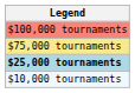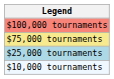 <table class=wikitable style=font-size:85%>
 <tr>
 <th>Legend</th>
 </tr>
 <tr style=background:#f88379>
 <td>$100,000 tournaments</td>
 </tr>
 <tr style=background:#f7e98e>
 <td>$75,000 tournaments</td>
 </tr>
 <tr style=background:lightblue>
-<td><strong>$25,000 tournaments</strong></td>
+<td>$25,000 tournaments</td>
 </tr>
 <tr style=background:#f0f8ff>
 <td>$10,000 tournaments</td>
 </tr>
 </table>
